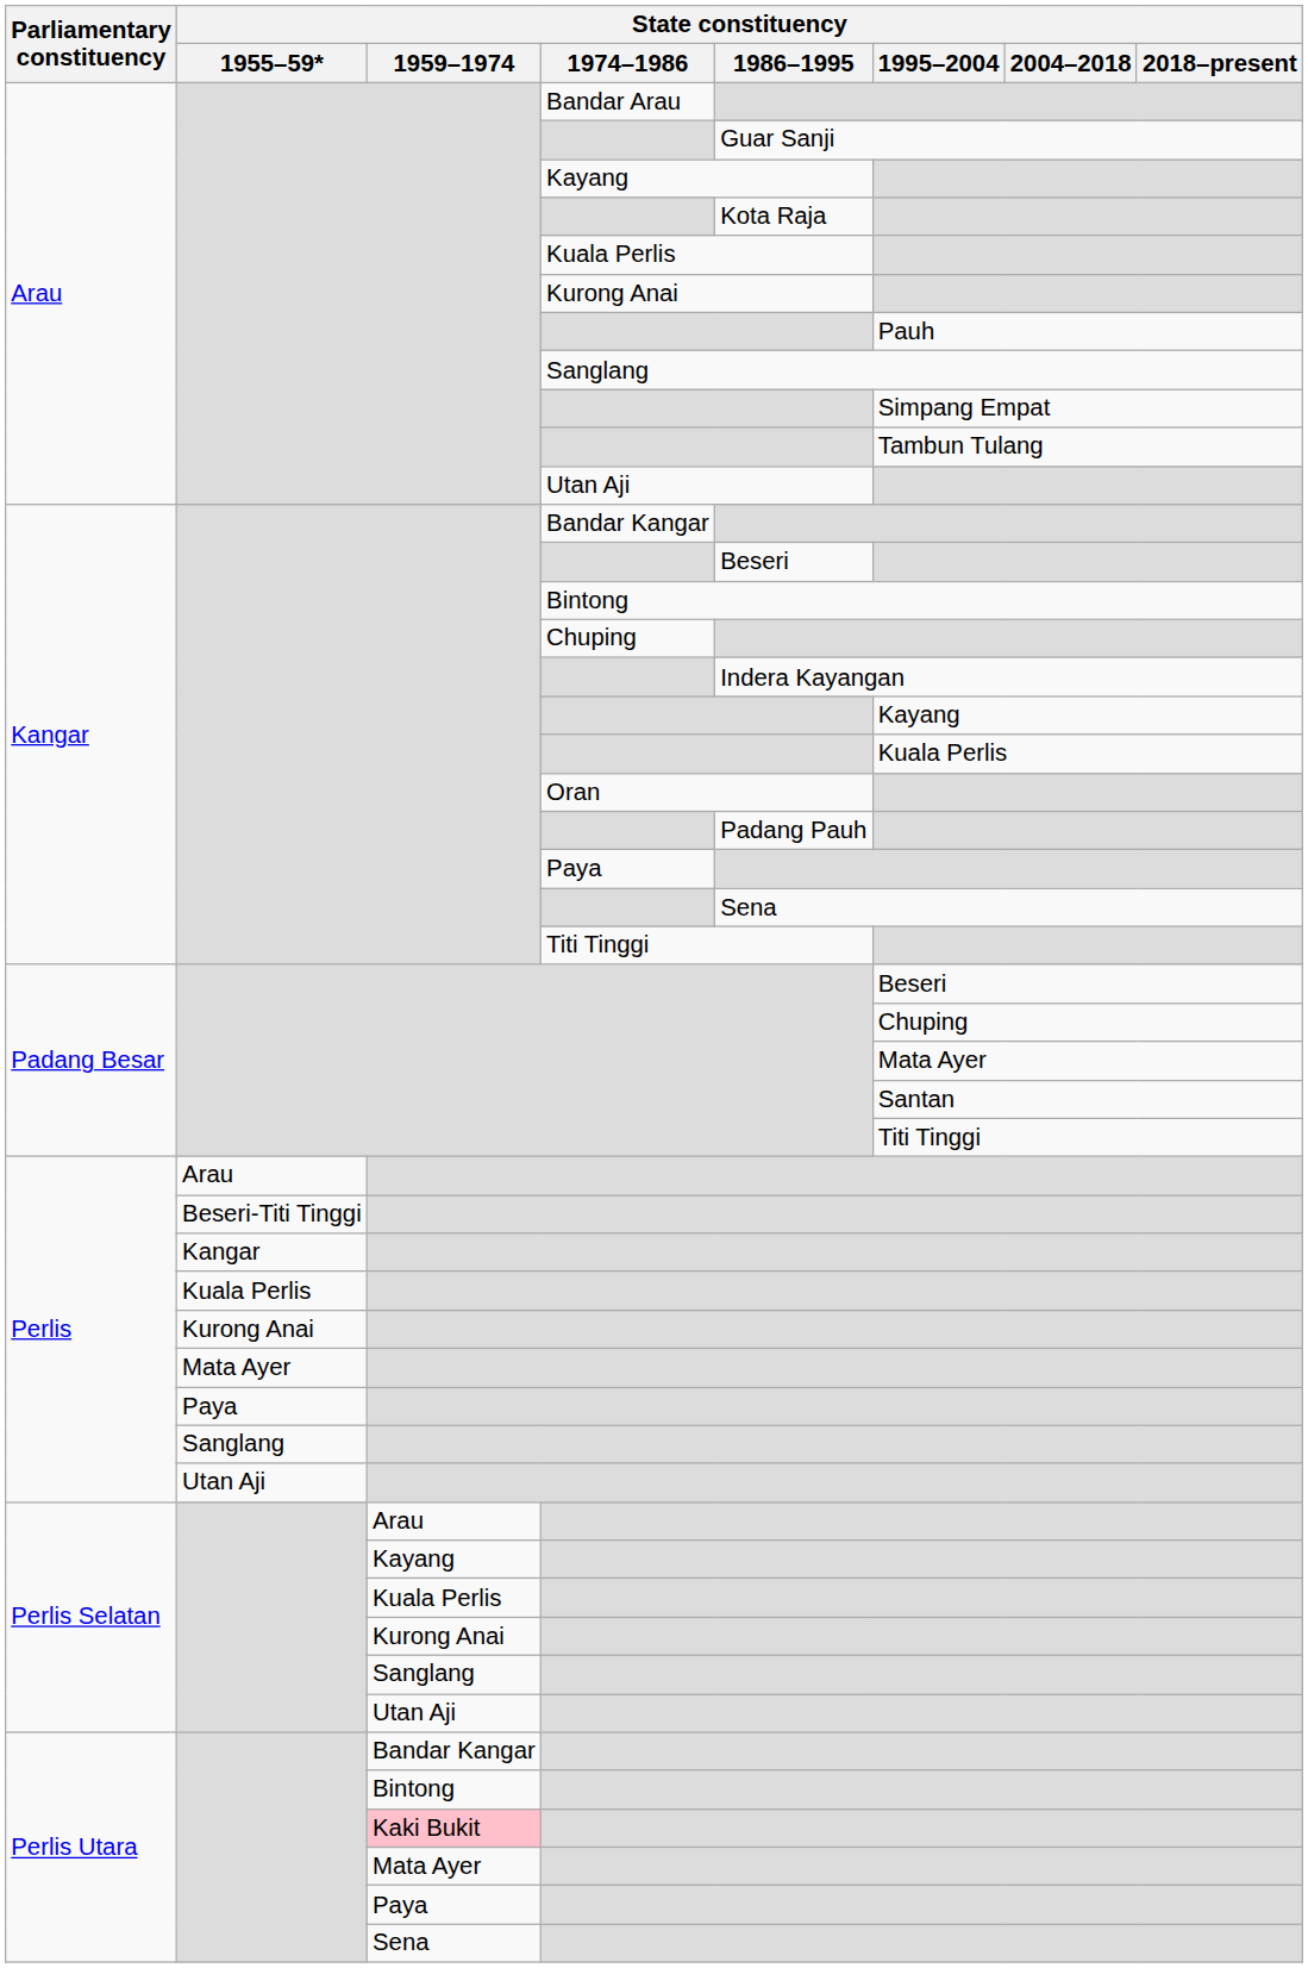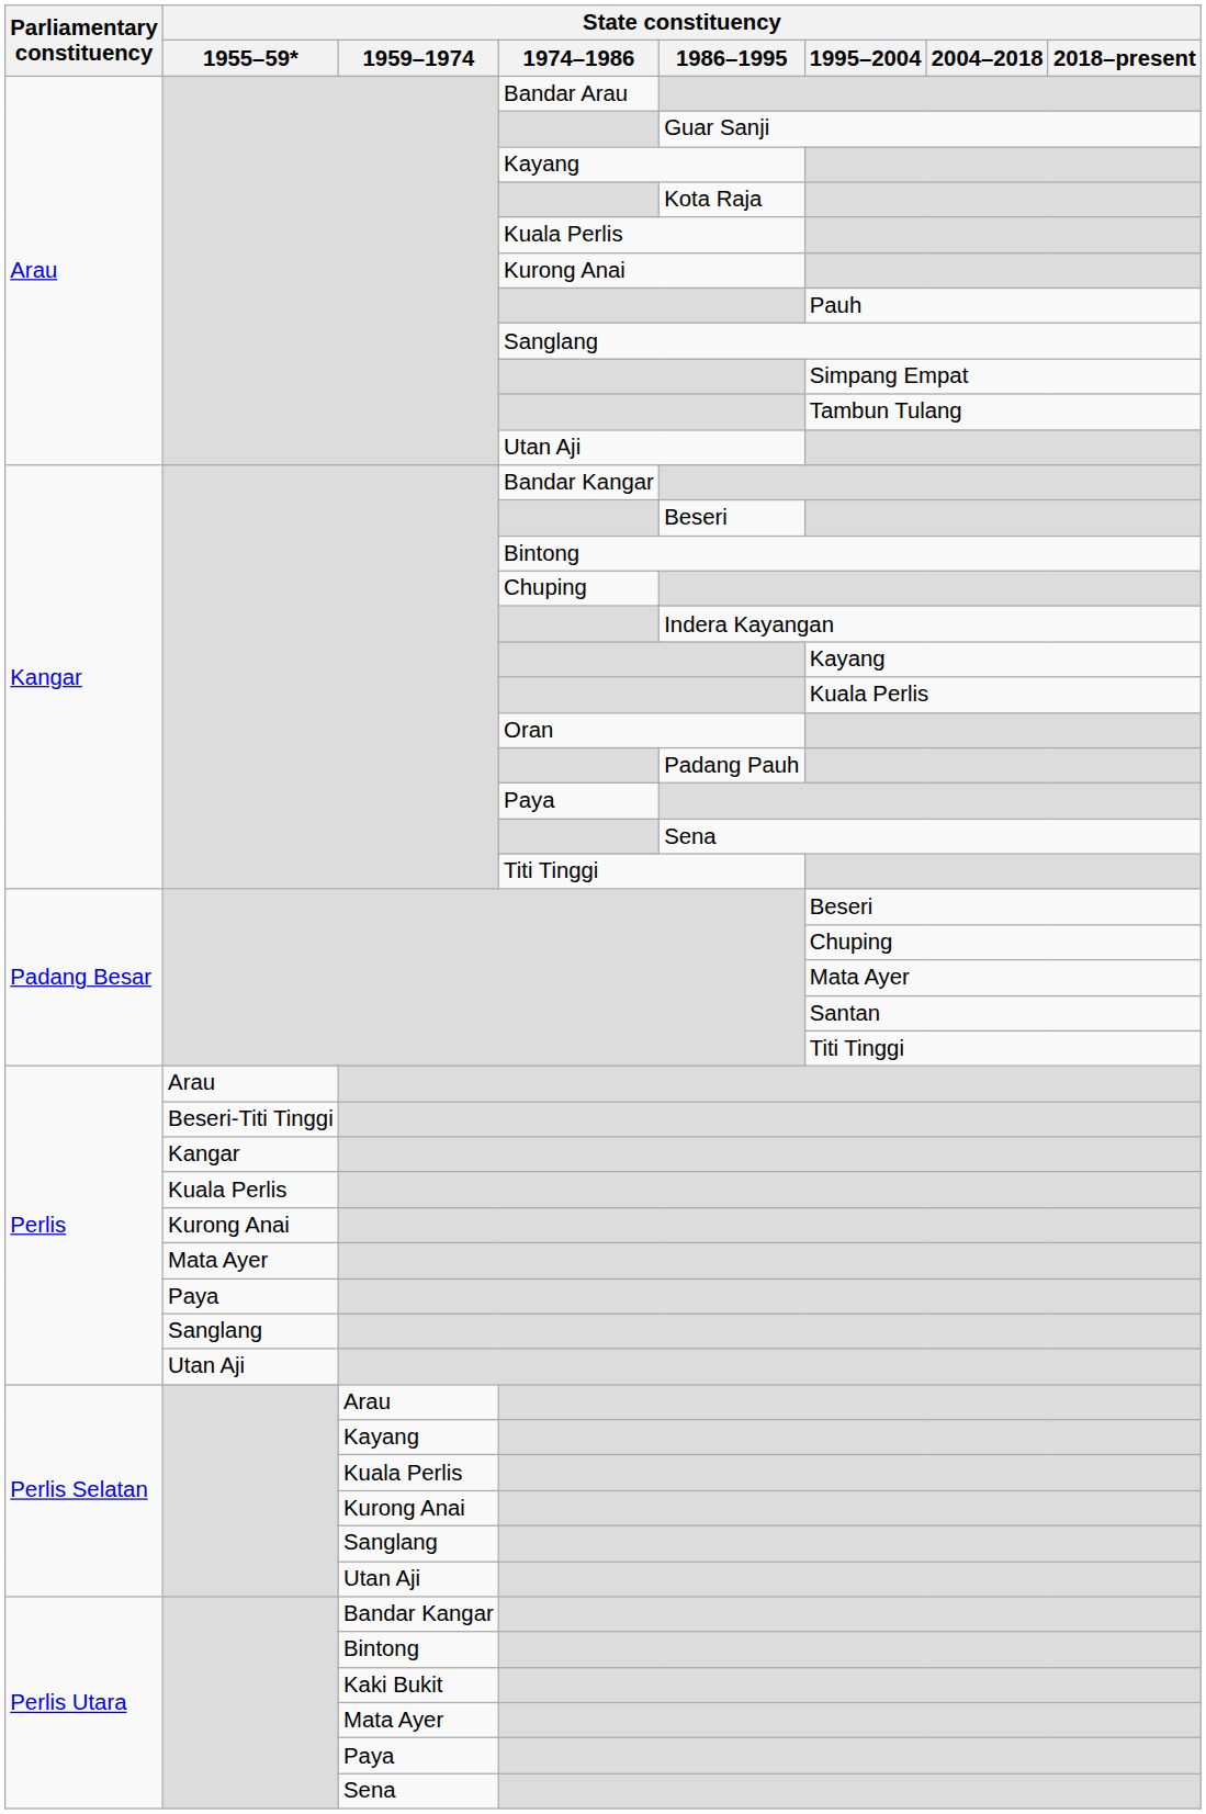 <table class=wikitable>
 <tr>
 <th rowspan=2>Parliamentary<br>constituency</th>
 <th colspan=7>State constituency</th>
 </tr>
 <tr>
 <th>1955–59*</th>
 <th>1959–1974</th>
 <th>1974–1986</th>
 <th>1986–1995</th>
 <th>1995–2004</th>
 <th>2004–2018</th>
 <th>2018–present</th>
 </tr>
 <tr>
 <td rowspan=11><a href='#'>Arau</a></td>
 <td colspan="2" rowspan="11" bgcolor="dcdcdc"></td>
 <td>Bandar Arau</td>
 <td colspan=4 bgcolor=dcdcdc></td>
 </tr>
 <tr>
 <td bgcolor=dcdcdc></td>
 <td colspan=4>Guar Sanji</td>
 </tr>
 <tr>
 <td colspan=2>Kayang</td>
 <td colspan=3 bgcolor=dcdcdc></td>
 </tr>
 <tr>
 <td bgcolor=dcdcdc></td>
 <td>Kota Raja</td>
 <td colspan=3 bgcolor=dcdcdc></td>
 </tr>
 <tr>
 <td colspan=2>Kuala Perlis</td>
 <td colspan=3 bgcolor=dcdcdc></td>
 </tr>
 <tr>
 <td colspan=2>Kurong Anai</td>
 <td colspan=3 bgcolor=dcdcdc></td>
 </tr>
 <tr>
 <td colspan=2 bgcolor=dcdcdc></td>
 <td colspan=3>Pauh</td>
 </tr>
 <tr>
 <td colspan=5>Sanglang</td>
 </tr>
 <tr>
 <td colspan=2 bgcolor=dcdcdc></td>
 <td colspan=3>Simpang Empat</td>
 </tr>
 <tr>
 <td colspan=2 bgcolor=dcdcdc></td>
 <td colspan=3>Tambun Tulang</td>
 </tr>
 <tr>
 <td colspan=2>Utan Aji</td>
 <td colspan=3 bgcolor=dcdcdc></td>
 </tr>
 <tr>
 <td rowspan=12><a href='#'>Kangar</a></td>
 <td colspan="2" rowspan="12" bgcolor="dcdcdc"></td>
 <td>Bandar Kangar</td>
 <td colspan=4 bgcolor=dcdcdc></td>
 </tr>
 <tr>
 <td bgcolor=dcdcdc></td>
 <td>Beseri</td>
 <td colspan=3 bgcolor=dcdcdc></td>
 </tr>
 <tr>
 <td colspan=5>Bintong</td>
 </tr>
 <tr>
 <td>Chuping</td>
 <td colspan=4 bgcolor=dcdcdc></td>
 </tr>
 <tr>
 <td bgcolor=dcdcdc></td>
 <td colspan=4>Indera Kayangan</td>
 </tr>
 <tr>
 <td colspan=2 bgcolor=dcdcdc></td>
 <td colspan=3>Kayang</td>
 </tr>
 <tr>
 <td colspan=2 bgcolor=dcdcdc></td>
 <td colspan=3>Kuala Perlis</td>
 </tr>
 <tr>
 <td colspan=2>Oran</td>
 <td colspan=3 bgcolor=dcdcdc></td>
 </tr>
 <tr>
 <td bgcolor=dcdcdc></td>
 <td>Padang Pauh</td>
 <td colspan=3 bgcolor=dcdcdc></td>
 </tr>
 <tr>
 <td>Paya</td>
 <td colspan=4 bgcolor=dcdcdc></td>
 </tr>
 <tr>
 <td bgcolor=dcdcdc></td>
 <td colspan=4>Sena</td>
 </tr>
 <tr>
 <td colspan=2>Titi Tinggi</td>
 <td colspan=3 bgcolor=dcdcdc></td>
 </tr>
 <tr>
 <td rowspan=5><a href='#'>Padang Besar</a></td>
 <td colspan="4" rowspan="5" bgcolor="dcdcdc"></td>
 <td colspan=3>Beseri</td>
 </tr>
 <tr>
 <td colspan=3>Chuping</td>
 </tr>
 <tr>
 <td colspan=3>Mata Ayer</td>
 </tr>
 <tr>
 <td colspan=3>Santan</td>
 </tr>
 <tr>
 <td colspan=3>Titi Tinggi</td>
 </tr>
 <tr>
 <td rowspan=9><a href='#'>Perlis</a></td>
 <td>Arau</td>
 <td colspan=6 bgcolor=dcdcdc></td>
 </tr>
 <tr>
 <td>Beseri-Titi Tinggi</td>
 <td colspan=6 bgcolor=dcdcdc></td>
 </tr>
 <tr>
 <td>Kangar</td>
 <td colspan=6 bgcolor=dcdcdc></td>
 </tr>
 <tr>
 <td>Kuala Perlis</td>
 <td colspan=6 bgcolor=dcdcdc></td>
 </tr>
 <tr>
 <td>Kurong Anai</td>
 <td colspan=6 bgcolor=dcdcdc></td>
 </tr>
 <tr>
 <td>Mata Ayer</td>
 <td colspan=6 bgcolor=dcdcdc></td>
 </tr>
 <tr>
 <td>Paya</td>
 <td colspan=6 bgcolor=dcdcdc></td>
 </tr>
 <tr>
 <td>Sanglang</td>
 <td colspan=6 bgcolor=dcdcdc></td>
 </tr>
 <tr>
 <td>Utan Aji</td>
 <td colspan=6 bgcolor=dcdcdc></td>
 </tr>
 <tr>
 <td rowspan=6><a href='#'>Perlis Selatan</a></td>
 <td rowspan="6" bgcolor="dcdcdc"></td>
 <td>Arau</td>
 <td colspan=5 bgcolor=dcdcdc></td>
 </tr>
 <tr>
 <td>Kayang</td>
 <td colspan=5 bgcolor=dcdcdc></td>
 </tr>
 <tr>
 <td>Kuala Perlis</td>
 <td colspan=5 bgcolor=dcdcdc></td>
 </tr>
 <tr>
 <td>Kurong Anai</td>
 <td colspan=5 bgcolor=dcdcdc></td>
 </tr>
 <tr>
 <td>Sanglang</td>
 <td colspan=5 bgcolor=dcdcdc></td>
 </tr>
 <tr>
 <td>Utan Aji</td>
 <td colspan=5 bgcolor=dcdcdc></td>
 </tr>
 <tr>
 <td rowspan=6><a href='#'>Perlis Utara</a></td>
 <td rowspan="6" bgcolor="dcdcdc"></td>
 <td>Bandar Kangar</td>
 <td colspan=5 bgcolor=dcdcdc></td>
 </tr>
 <tr>
 <td>Bintong</td>
 <td colspan=5 bgcolor=dcdcdc></td>
 </tr>
 <tr>
-<td style="background: pink;">Kaki Bukit</td>
+<td>Kaki Bukit</td>
 <td colspan=5 bgcolor=dcdcdc></td>
 </tr>
 <tr>
 <td>Mata Ayer</td>
 <td colspan=5 bgcolor=dcdcdc></td>
 </tr>
 <tr>
 <td>Paya</td>
 <td colspan=5 bgcolor=dcdcdc></td>
 </tr>
 <tr>
 <td>Sena</td>
 <td colspan=5 bgcolor=dcdcdc></td>
 </tr>
 </table>
